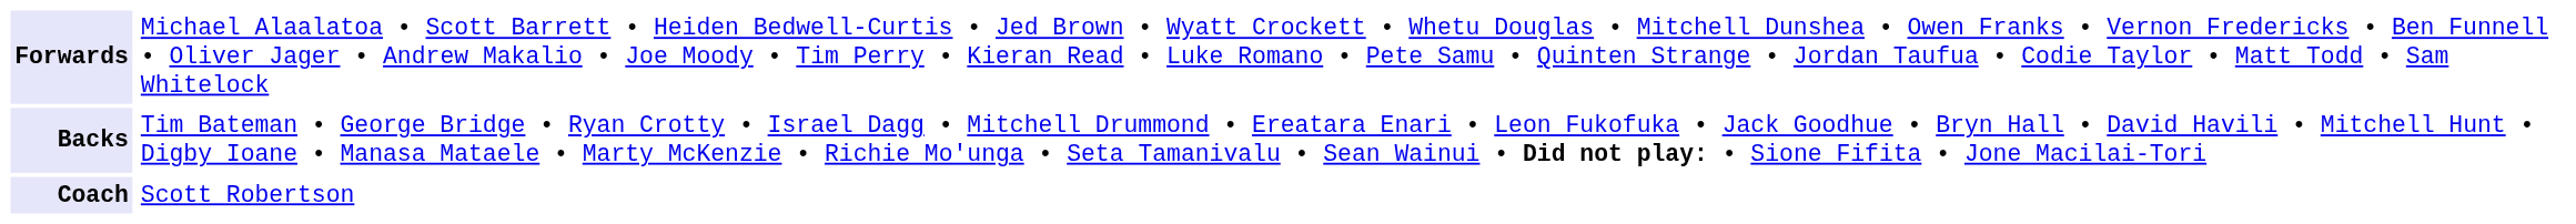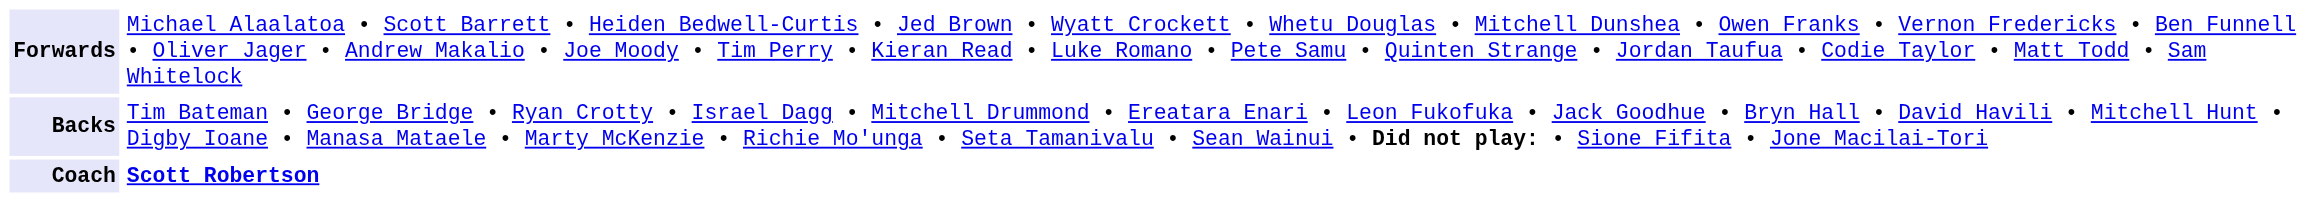 <table cellpadding="2" style="border: 1px solid white; font-size:90%;">
 <tr>
 <td style="text-align:right;" bgcolor="lavender"><strong>Forwards</strong></td>
 <td style="text-align:left;"><a href='#'>Michael Alaalatoa</a> • <a href='#'>Scott Barrett</a> • <a href='#'>Heiden Bedwell-Curtis</a> • <a href='#'>Jed Brown</a> • <a href='#'>Wyatt Crockett</a> • <a href='#'>Whetu Douglas</a> • <a href='#'>Mitchell Dunshea</a> • <a href='#'>Owen Franks</a> • <a href='#'>Vernon Fredericks</a> • <a href='#'>Ben Funnell</a> • <a href='#'>Oliver Jager</a> • <a href='#'>Andrew Makalio</a> • <a href='#'>Joe Moody</a> • <a href='#'>Tim Perry</a> • <a href='#'>Kieran Read</a> • <a href='#'>Luke Romano</a> • <a href='#'>Pete Samu</a> • <a href='#'>Quinten Strange</a> • <a href='#'>Jordan Taufua</a> • <a href='#'>Codie Taylor</a> • <a href='#'>Matt Todd</a> • <a href='#'>Sam Whitelock</a></td>
 </tr>
 <tr>
 <td style="text-align:right;" bgcolor="lavender"><strong>Backs</strong></td>
 <td style="text-align:left;"><a href='#'>Tim Bateman</a> • <a href='#'>George Bridge</a> • <a href='#'>Ryan Crotty</a> • <a href='#'>Israel Dagg</a> • <a href='#'>Mitchell Drummond</a> • <a href='#'>Ereatara Enari</a> • <a href='#'>Leon Fukofuka</a> • <a href='#'>Jack Goodhue</a> • <a href='#'>Bryn Hall</a> • <a href='#'>David Havili</a> • <a href='#'>Mitchell Hunt</a> • <a href='#'>Digby Ioane</a> • <a href='#'>Manasa Mataele</a> • <a href='#'>Marty McKenzie</a> • <a href='#'>Richie Mo'unga</a> • <a href='#'>Seta Tamanivalu</a> • <a href='#'>Sean Wainui</a> • <strong>Did not play:</strong> • <a href='#'>Sione Fifita</a> • <a href='#'>Jone Macilai-Tori</a></td>
 </tr>
 <tr>
 <td style="text-align:right;" bgcolor="lavender"><strong>Coach</strong></td>
-<td style="text-align:left;"><a href='#'>Scott Robertson</a></td>
+<td style="text-align:left;"><strong><a href='#'>Scott Robertson</a></strong></td>
 </tr>
 </table>
